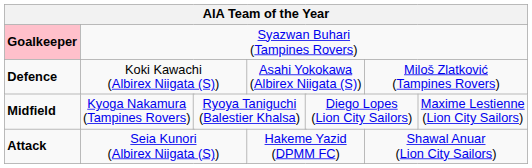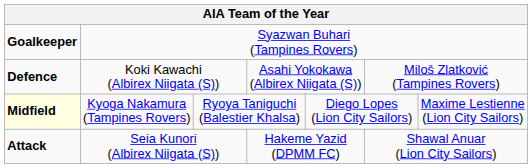 <table class="wikitable">
 <tr>
 <th colspan="13">AIA Team of the Year</th>
 </tr>
 <tr>
-<td style="background: pink;"><strong>Goalkeeper</strong></td>
+<td><strong>Goalkeeper</strong></td>
 <td colspan="12" align="center"> <a href='#'>Syazwan Buhari</a> <br> (<a href='#'>Tampines Rovers</a>)</td>
 </tr>
 <tr>
 <td><strong>Defence</strong></td>
 <td colspan="4" align="center"> Koki Kawachi <br> (<a href='#'>Albirex Niigata (S)</a>)</td>
 <td colspan="4" align="center"> <a href='#'>Asahi Yokokawa</a> <br> (<a href='#'>Albirex Niigata (S)</a>)</td>
 <td colspan="4" align="center"> <a href='#'>Miloš Zlatković</a> <br> (<a href='#'>Tampines Rovers</a>)</td>
 </tr>
 <tr>
-<td><strong>Midfield</strong></td>
+<td style="background: lightyellow;"><strong>Midfield</strong></td>
 <td colspan="3" align="center"> <a href='#'>Kyoga Nakamura</a> <br> (<a href='#'>Tampines Rovers</a>)</td>
 <td colspan="3" align="center"> <a href='#'>Ryoya Taniguchi</a> <br> (<a href='#'>Balestier Khalsa</a>)</td>
 <td colspan="3" align="center"> <a href='#'>Diego Lopes</a> <br> (<a href='#'>Lion City Sailors</a>)</td>
 <td colspan="3" align="center"> <a href='#'>Maxime Lestienne</a> <br> (<a href='#'>Lion City Sailors</a>)</td>
 </tr>
 <tr>
 <td><strong>Attack</strong></td>
 <td colspan="4" align="center"> <a href='#'>Seia Kunori</a> <br> (<a href='#'>Albirex Niigata (S)</a>)</td>
 <td colspan="4" align="center"> <a href='#'>Hakeme Yazid</a> <br> (<a href='#'>DPMM FC</a>)</td>
 <td colspan="4" align="center"> <a href='#'>Shawal Anuar</a> <br> (<a href='#'>Lion City Sailors</a>)</td>
 </tr>
 </table>
